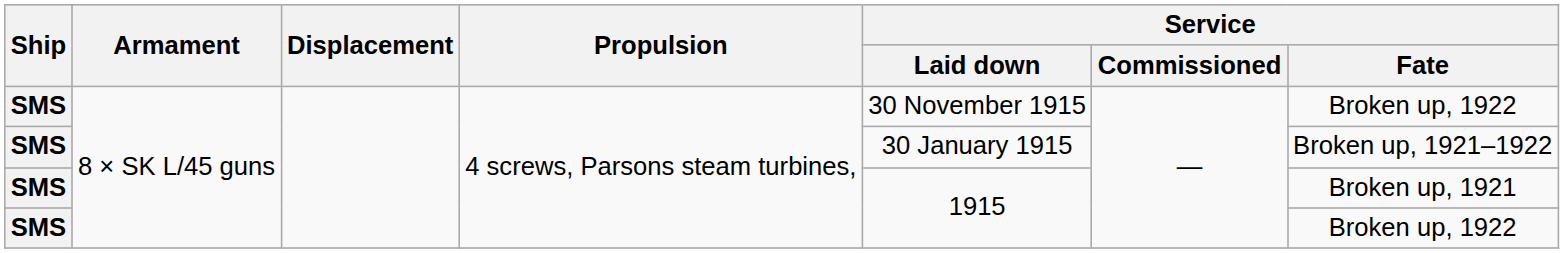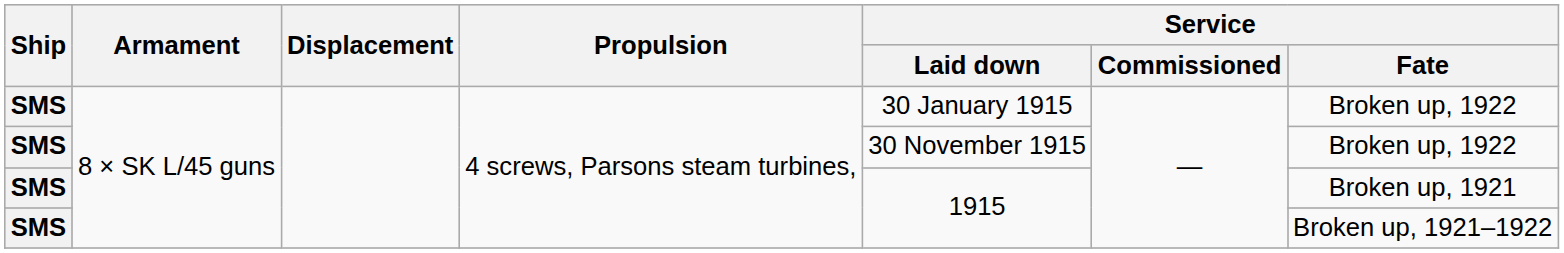 <table class="wikitable plainrowheaders" style="text-align: center">
 <tr valign="center">
 <th scope="col" rowspan="2">Ship</th>
 <th scope="col" rowspan="2">Armament</th>
 <th scope="col" rowspan="2">Displacement</th>
 <th scope="col" rowspan="2">Propulsion</th>
 <th scope="col" colspan="3">Service</th>
 </tr>
 <tr valign="center">
 <th scope="col">Laid down</th>
 <th scope="col">Commissioned</th>
 <th scope="col">Fate</th>
 </tr>
 <tr valign="center">
 <th scope="row">SMS </th>
 <td rowspan="4">8 ×  SK L/45 guns</td>
 <td rowspan="4"></td>
 <td rowspan="4">4 screws, Parsons steam turbines, </td>
-<td>30 November 1915</td>
+<td>30 January 1915</td>
 <td rowspan="4">—</td>
 <td>Broken up, 1922</td>
 </tr>
 <tr valign="center">
 <th scope="row">SMS </th>
-<td>30 January 1915</td>
-<td>Broken up, 1921–1922</td>
+<td>30 November 1915</td>
+<td>Broken up, 1922</td>
 </tr>
 <tr valign="center">
 <th scope="row">SMS </th>
 <td rowspan="2">1915</td>
 <td>Broken up, 1921</td>
 </tr>
 <tr valign="center">
 <th scope="row">SMS </th>
-<td>Broken up, 1922</td>
+<td>Broken up, 1921–1922</td>
 </tr>
 </table>
